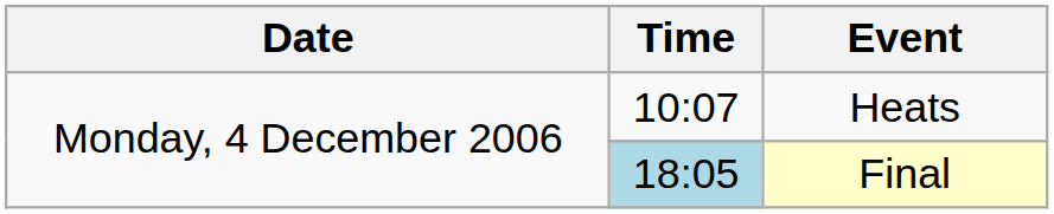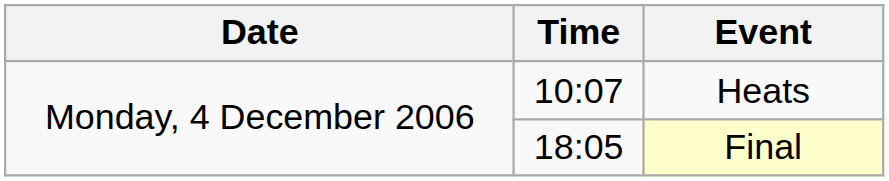 <table class = "wikitable" style="text-align:center;">
 <tr>
 <th width=220>Date</th>
 <th width=50>Time</th>
 <th width=100>Event</th>
 </tr>
 <tr>
 <td rowspan=2>Monday, 4 December 2006</td>
 <td>10:07</td>
 <td>Heats</td>
 </tr>
 <tr>
-<td style="background: lightblue;">18:05</td>
+<td>18:05</td>
 <td bgcolor=ffffcc>Final</td>
 </tr>
 </table>
